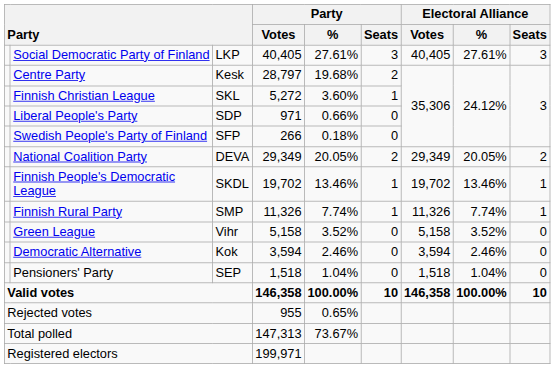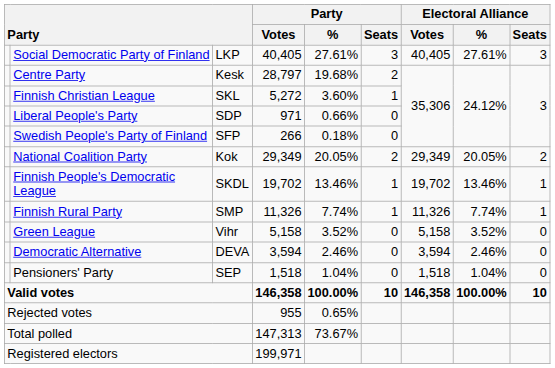 <table class="wikitable" border="1" style="text-align:right;">
 <tr>
 <th style="text-align:left;" valign=bottom rowspan=2 colspan=3>Party</th>
 <th colspan=3>Party</th>
 <th colspan=3>Electoral Alliance</th>
 </tr>
 <tr>
 <th align=center valign=bottom width="50">Votes</th>
 <th align=center valign=bottom width="50">%</th>
 <th align=center valign=bottom width="50">Seats</th>
 <th align=center valign=bottom width="50">Votes</th>
 <th align=center valign=bottom width="50">%</th>
 <th align=center valign=bottom width="50">Seats</th>
 </tr>
 <tr>
 <td></td>
 <td align=left style="white-space: nowrap;"><a href='#'>Social Democratic Party of Finland</a></td>
 <td align=left>LKP</td>
 <td>40,405</td>
 <td>27.61%</td>
 <td>3</td>
 <td>40,405</td>
 <td>27.61%</td>
 <td>3</td>
 </tr>
 <tr>
 <td></td>
 <td align=left><a href='#'>Centre Party</a></td>
 <td align=left>Kesk</td>
 <td>28,797</td>
 <td>19.68%</td>
 <td>2</td>
 <td rowspan=4>35,306</td>
 <td rowspan=4>24.12%</td>
 <td rowspan=4>3</td>
 </tr>
 <tr>
 <td></td>
 <td align=left><a href='#'>Finnish Christian League</a></td>
 <td align=left>SKL</td>
 <td>5,272</td>
 <td>3.60%</td>
 <td>1</td>
 </tr>
 <tr>
 <td></td>
 <td align=left><a href='#'>Liberal People's Party</a></td>
 <td align=left>SDP</td>
 <td>971</td>
 <td>0.66%</td>
 <td>0</td>
 </tr>
 <tr>
 <td></td>
 <td align=left><a href='#'>Swedish People's Party of Finland</a></td>
 <td align=left>SFP</td>
 <td>266</td>
 <td>0.18%</td>
 <td>0</td>
 </tr>
 <tr>
 <td></td>
 <td align=left><a href='#'>National Coalition Party</a></td>
-<td align=left>DEVA</td>
+<td align=left>Kok</td>
 <td>29,349</td>
 <td>20.05%</td>
 <td>2</td>
 <td>29,349</td>
 <td>20.05%</td>
 <td>2</td>
 </tr>
 <tr>
 <td></td>
 <td align=left><a href='#'>Finnish People's Democratic League</a></td>
 <td align=left>SKDL</td>
 <td>19,702</td>
 <td>13.46%</td>
 <td>1</td>
 <td>19,702</td>
 <td>13.46%</td>
 <td>1</td>
 </tr>
 <tr>
 <td></td>
 <td align=left><a href='#'>Finnish Rural Party</a></td>
 <td align=left>SMP</td>
 <td>11,326</td>
 <td>7.74%</td>
 <td>1</td>
 <td>11,326</td>
 <td>7.74%</td>
 <td>1</td>
 </tr>
 <tr>
 <td></td>
 <td align=left><a href='#'>Green League</a></td>
 <td align=left>Vihr</td>
 <td>5,158</td>
 <td>3.52%</td>
 <td>0</td>
 <td>5,158</td>
 <td>3.52%</td>
 <td>0</td>
 </tr>
 <tr>
 <td></td>
 <td align=left><a href='#'>Democratic Alternative</a></td>
-<td align=left>Kok</td>
+<td align=left>DEVA</td>
 <td>3,594</td>
 <td>2.46%</td>
 <td>0</td>
 <td>3,594</td>
 <td>2.46%</td>
 <td>0</td>
 </tr>
 <tr>
 <td></td>
 <td align=left>Pensioners' Party</td>
 <td align=left>SEP</td>
 <td>1,518</td>
 <td>1.04%</td>
 <td>0</td>
 <td>1,518</td>
 <td>1.04%</td>
 <td>0</td>
 </tr>
 <tr style="font-weight:bold">
 <td align=left colspan=3>Valid votes</td>
 <td>146,358</td>
 <td>100.00%</td>
 <td>10</td>
 <td>146,358</td>
 <td>100.00%</td>
 <td>10</td>
 </tr>
 <tr>
 <td align=left colspan=3>Rejected votes</td>
 <td>955</td>
 <td>0.65%</td>
 <td></td>
 <td></td>
 <td></td>
 <td></td>
 </tr>
 <tr>
 <td align=left colspan=3>Total polled</td>
 <td>147,313</td>
 <td>73.67%</td>
 <td></td>
 <td></td>
 <td></td>
 <td></td>
 </tr>
 <tr>
 <td align=left colspan=3>Registered electors</td>
 <td>199,971</td>
 <td></td>
 <td></td>
 <td></td>
 <td></td>
 <td></td>
 </tr>
 </table>
